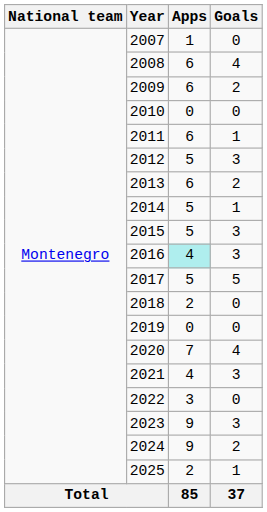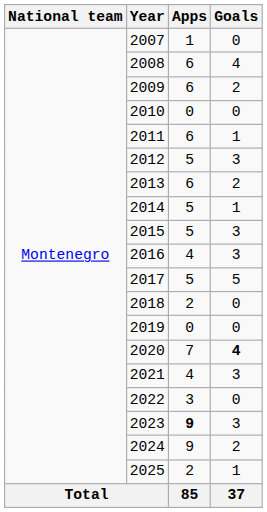 <table class="wikitable" style="text-align:center">
 <tr>
 <th>National team</th>
 <th>Year</th>
 <th>Apps</th>
 <th>Goals</th>
 </tr>
 <tr>
 <td rowspan="19"><a href='#'>Montenegro</a></td>
 <td>2007</td>
 <td>1</td>
 <td>0</td>
 </tr>
 <tr>
 <td>2008</td>
 <td>6</td>
 <td>4</td>
 </tr>
 <tr>
 <td>2009</td>
 <td>6</td>
 <td>2</td>
 </tr>
 <tr>
 <td>2010</td>
 <td>0</td>
 <td>0</td>
 </tr>
 <tr>
 <td>2011</td>
 <td>6</td>
 <td>1</td>
 </tr>
 <tr>
 <td>2012</td>
 <td>5</td>
 <td>3</td>
 </tr>
 <tr>
 <td>2013</td>
 <td>6</td>
 <td>2</td>
 </tr>
 <tr>
 <td>2014</td>
 <td>5</td>
 <td>1</td>
 </tr>
 <tr>
 <td>2015</td>
 <td>5</td>
 <td>3</td>
 </tr>
 <tr>
 <td>2016</td>
-<td style="background: paleturquoise;">4</td>
+<td>4</td>
 <td>3</td>
 </tr>
 <tr>
 <td>2017</td>
 <td>5</td>
 <td>5</td>
 </tr>
 <tr>
 <td>2018</td>
 <td>2</td>
 <td>0</td>
 </tr>
 <tr>
 <td>2019</td>
 <td>0</td>
 <td>0</td>
 </tr>
 <tr>
 <td>2020</td>
 <td>7</td>
-<td>4</td>
+<td><strong>4</strong></td>
 </tr>
 <tr>
 <td>2021</td>
 <td>4</td>
 <td>3</td>
 </tr>
 <tr>
 <td>2022</td>
 <td>3</td>
 <td>0</td>
 </tr>
 <tr>
 <td>2023</td>
-<td>9</td>
+<td><strong>9</strong></td>
 <td>3</td>
 </tr>
 <tr>
 <td>2024</td>
 <td>9</td>
 <td>2</td>
 </tr>
 <tr>
 <td>2025</td>
 <td>2</td>
 <td>1</td>
 </tr>
 <tr>
 <th colspan=2>Total</th>
 <th>85</th>
 <th>37</th>
 </tr>
 </table>
